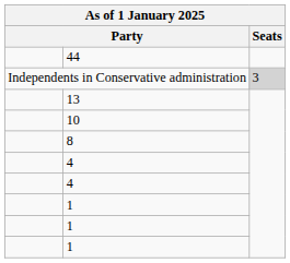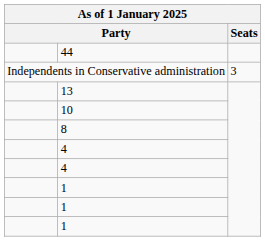 <table class="wikitable">
 <tr>
 <th colspan="3">As of 1 January 2025</th>
 </tr>
 <tr>
 <th colspan="2">Party</th>
 <th>Seats</th>
 </tr>
 <tr>
 <td></td>
 <td>44</td>
 </tr>
 <tr>
 <td colspan="2">Independents in Conservative administration</td>
-<td style="background: lightgrey;">3</td>
+<td>3</td>
 </tr>
 <tr>
 <td></td>
 <td>13</td>
 </tr>
 <tr>
 <td></td>
 <td>10</td>
 </tr>
 <tr>
 <td></td>
 <td>8</td>
 </tr>
 <tr>
 <td></td>
 <td>4</td>
 </tr>
 <tr>
 <td></td>
 <td>4</td>
 </tr>
 <tr>
 <td></td>
 <td>1</td>
 </tr>
 <tr>
 <td></td>
 <td>1</td>
 </tr>
 <tr>
 <td></td>
 <td>1</td>
 </tr>
 </table>
